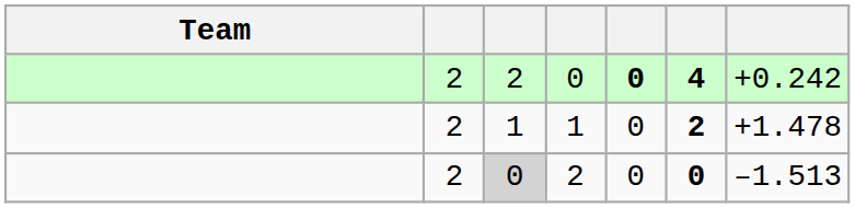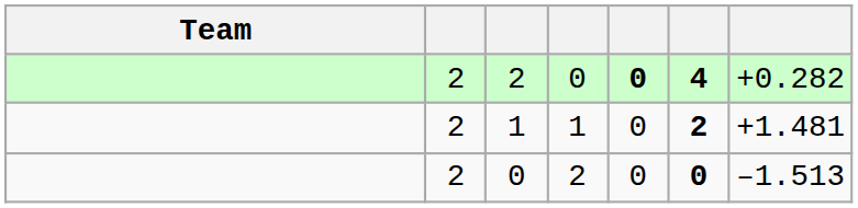 <table class="wikitable" style="text-align:center;">
 <tr>
 <th width=175>Team</th>
 <th style="width:20px;"></th>
 <th style="width:20px;"></th>
 <th style="width:20px;"></th>
 <th style="width:20px;"></th>
 <th style="width:20px;"></th>
 <th style="width:20px;"></th>
 </tr>
 <tr style="background:#cfc">
 <td align=left></td>
 <td>2</td>
 <td>2</td>
 <td>0</td>
 <td><strong>0</strong></td>
 <td><strong>4</strong></td>
-<td>+0.242</td>
+<td>+0.282</td>
 </tr>
 <tr>
 <td align=left></td>
 <td>2</td>
 <td>1</td>
 <td>1</td>
 <td>0</td>
 <td><strong>2</strong></td>
-<td>+1.478</td>
+<td>+1.481</td>
 </tr>
 <tr>
 <td align=left></td>
 <td>2</td>
-<td style="background: lightgrey;">0</td>
+<td>0</td>
 <td>2</td>
 <td>0</td>
 <td><strong>0</strong></td>
 <td>–1.513</td>
 </tr>
 </table>
